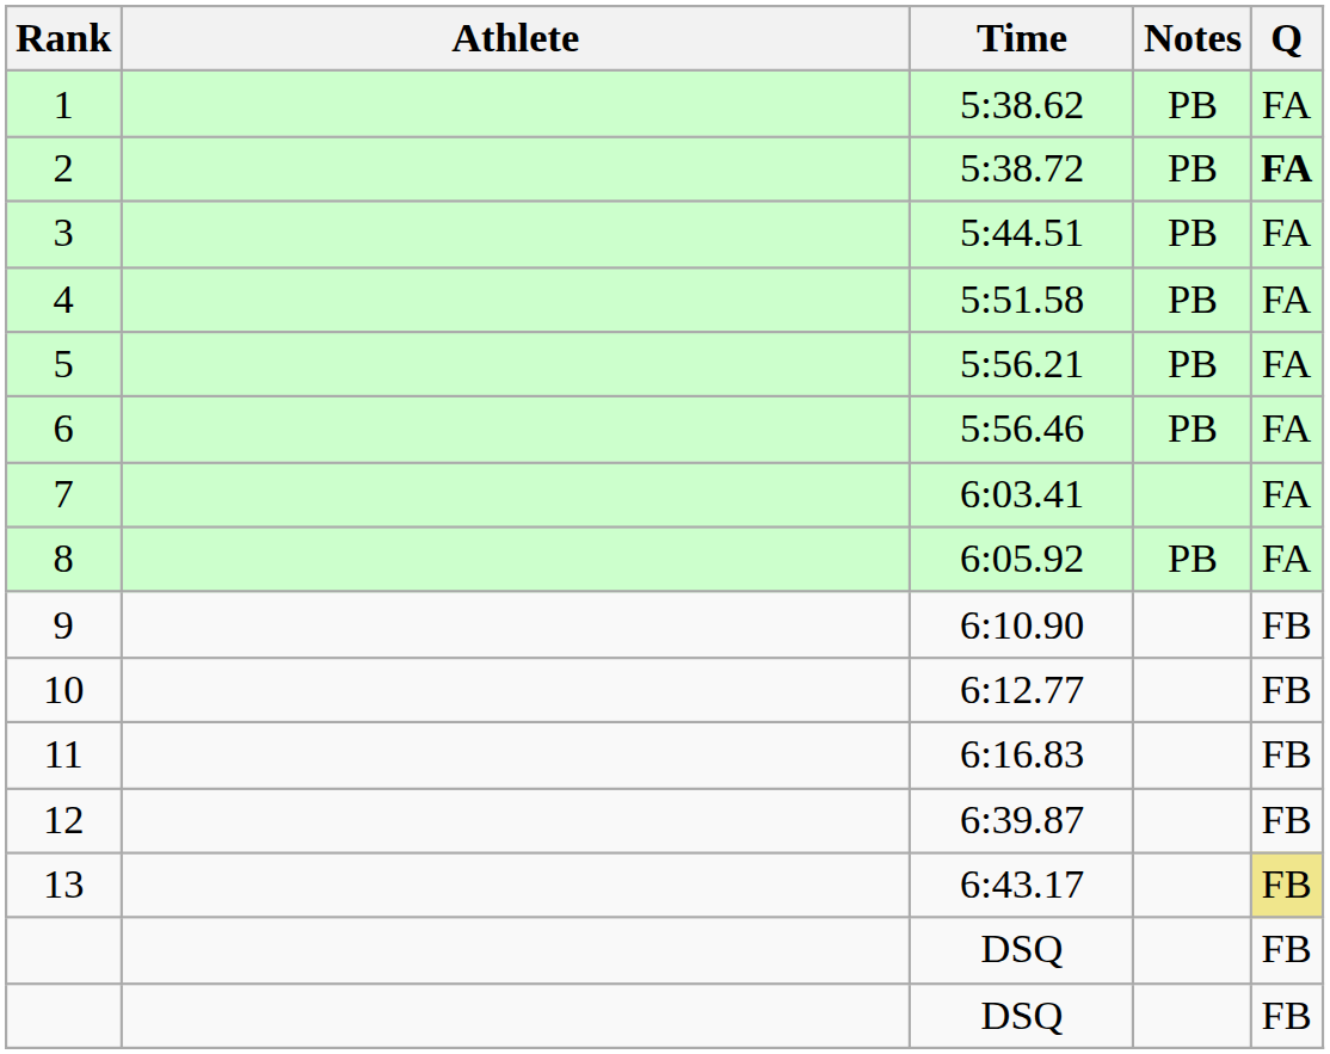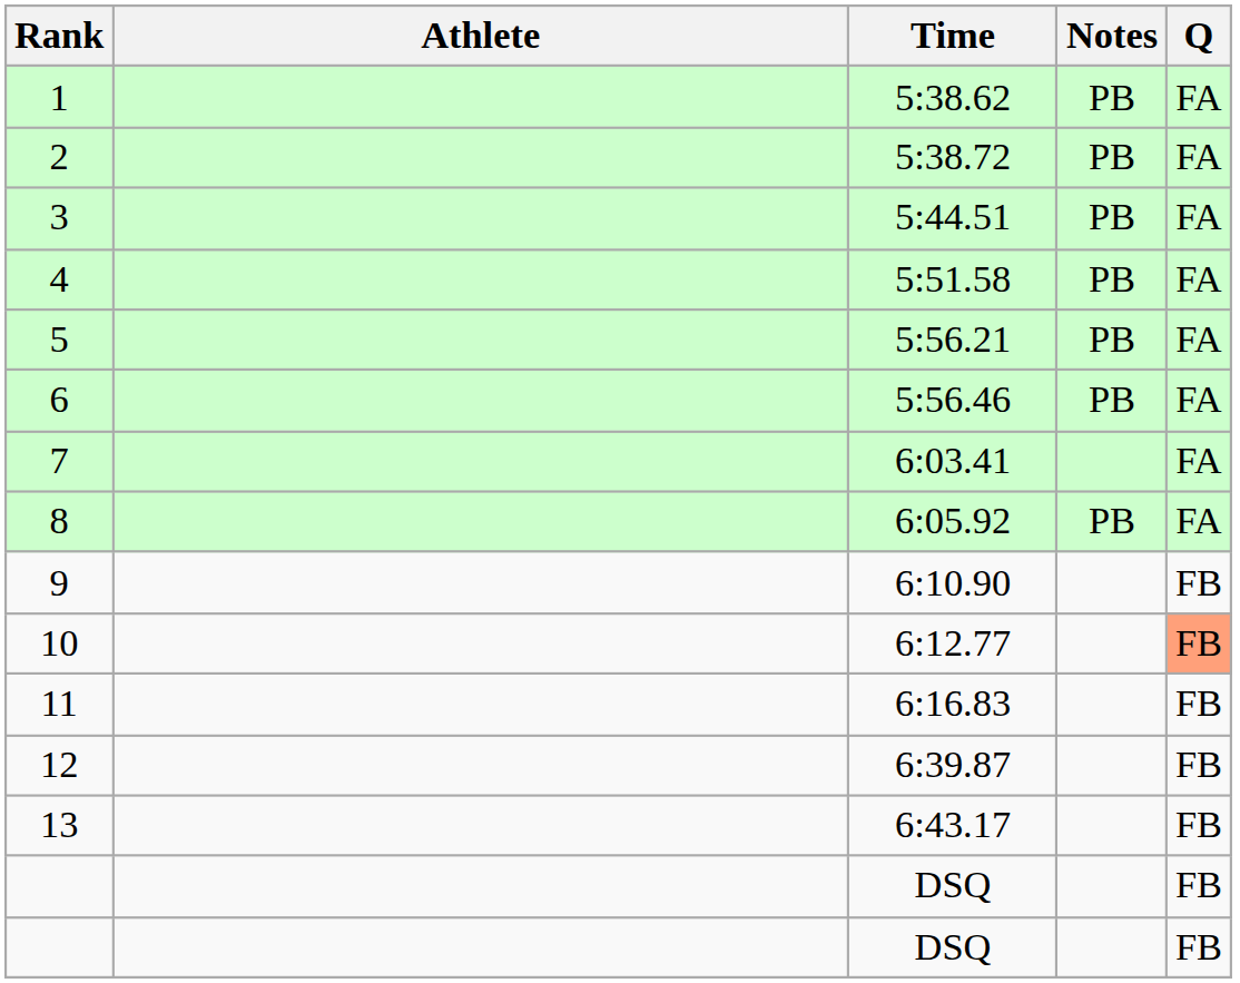 <table class="wikitable" style="text-align:center">
 <tr>
 <th>Rank</th>
 <th width=300>Athlete</th>
 <th width=80>Time</th>
 <th>Notes</th>
 <th>Q</th>
 </tr>
 <tr bgcolor=ccffcc>
 <td>1</td>
 <td align=left></td>
 <td>5:38.62</td>
 <td>PB</td>
 <td>FA</td>
 </tr>
 <tr bgcolor=ccffcc>
 <td>2</td>
 <td align=left></td>
 <td>5:38.72</td>
 <td>PB</td>
-<td><strong>FA</strong></td>
+<td>FA</td>
 </tr>
 <tr bgcolor=ccffcc>
 <td>3</td>
 <td align=left></td>
 <td>5:44.51</td>
 <td>PB</td>
 <td>FA</td>
 </tr>
 <tr bgcolor=ccffcc>
 <td>4</td>
 <td align=left></td>
 <td>5:51.58</td>
 <td>PB</td>
 <td>FA</td>
 </tr>
 <tr bgcolor=ccffcc>
 <td>5</td>
 <td align=left></td>
 <td>5:56.21</td>
 <td>PB</td>
 <td>FA</td>
 </tr>
 <tr bgcolor=ccffcc>
 <td>6</td>
 <td align=left></td>
 <td>5:56.46</td>
 <td>PB</td>
 <td>FA</td>
 </tr>
 <tr bgcolor=ccffcc>
 <td>7</td>
 <td align=left></td>
 <td>6:03.41</td>
 <td></td>
 <td>FA</td>
 </tr>
 <tr bgcolor=ccffcc>
 <td>8</td>
 <td align=left></td>
 <td>6:05.92</td>
 <td>PB</td>
 <td>FA</td>
 </tr>
 <tr>
 <td>9</td>
 <td align=left></td>
 <td>6:10.90</td>
 <td></td>
 <td>FB</td>
 </tr>
 <tr>
 <td>10</td>
 <td align=left></td>
 <td>6:12.77</td>
 <td></td>
-<td>FB</td>
+<td style="background: lightsalmon;">FB</td>
 </tr>
 <tr>
 <td>11</td>
 <td align=left></td>
 <td>6:16.83</td>
 <td></td>
 <td>FB</td>
 </tr>
 <tr>
 <td>12</td>
 <td align=left></td>
 <td>6:39.87</td>
 <td></td>
 <td>FB</td>
 </tr>
 <tr>
 <td>13</td>
 <td align=left></td>
 <td>6:43.17</td>
 <td></td>
-<td style="background: khaki;">FB</td>
+<td>FB</td>
 </tr>
 <tr>
 <td></td>
 <td align=left></td>
 <td>DSQ</td>
 <td></td>
 <td>FB</td>
 </tr>
 <tr>
 <td></td>
 <td align=left></td>
 <td>DSQ</td>
 <td></td>
 <td>FB</td>
 </tr>
 <tr>
 </tr>
 </table>
